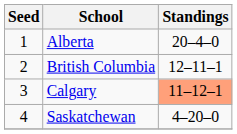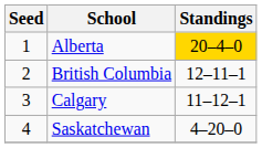 <table class="wikitable">
 <tr>
 <th>Seed</th>
 <th>School</th>
 <th>Standings</th>
 </tr>
 <tr>
 <td align=center>1</td>
 <td><a href='#'>Alberta</a></td>
-<td align=center>20–4–0</td>
+<td align=center style="background: gold;">20–4–0</td>
 </tr>
 <tr>
 <td align=center>2</td>
 <td><a href='#'>British Columbia</a></td>
 <td align=center>12–11–1</td>
 </tr>
 <tr>
 <td align=center>3</td>
 <td><a href='#'>Calgary</a></td>
-<td align=center style="background: lightsalmon;">11–12–1</td>
+<td align=center>11–12–1</td>
 </tr>
 <tr>
 <td align=center>4</td>
 <td><a href='#'>Saskatchewan</a></td>
 <td align=center>4–20–0</td>
 </tr>
 <tr>
 </tr>
 </table>
